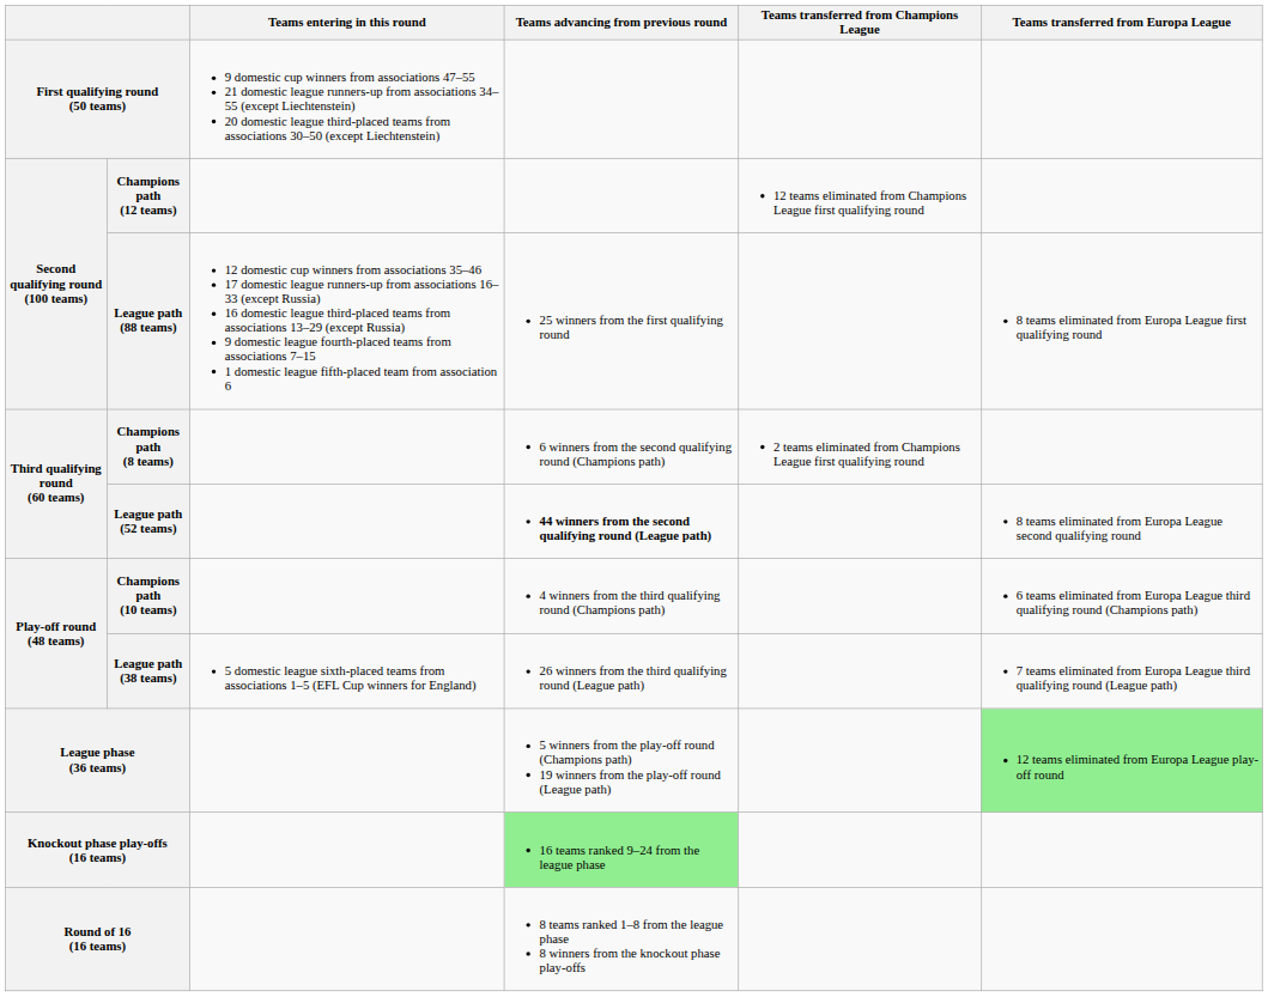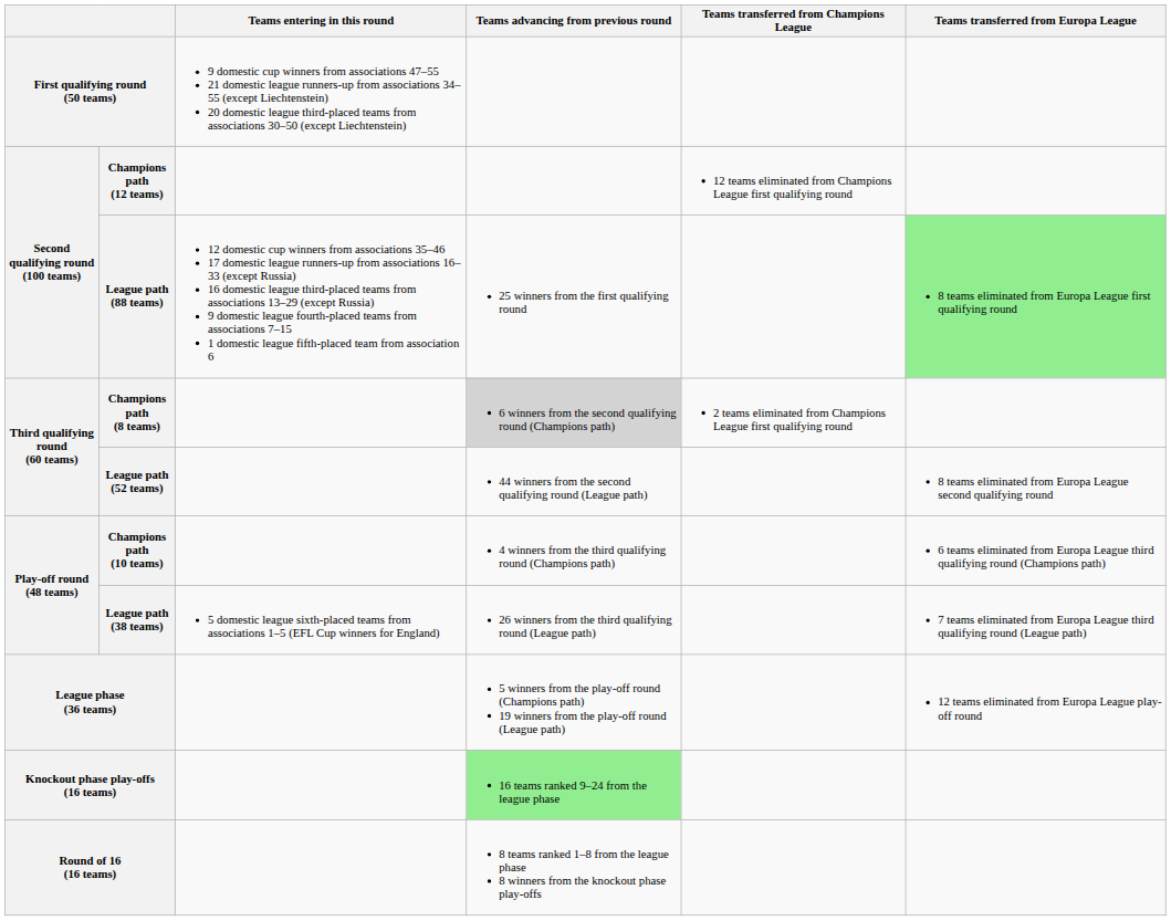 <table class="wikitable">
 <tr>
 <th colspan=2></th>
 <th>Teams entering in this round</th>
 <th>Teams advancing from previous round</th>
 <th>Teams transferred from Champions League</th>
 <th>Teams transferred from Europa League</th>
 </tr>
 <tr>
 <th colspan=2>First qualifying round<br> (50 teams)</th>
 <td><br><ul><li>9 domestic cup winners from associations 47–55</li><li>21 domestic league runners-up from associations 34–55 (except Liechtenstein)</li><li>20 domestic league third-placed teams from associations 30–50 (except Liechtenstein)</li></ul></td>
 <td></td>
 <td></td>
 <td></td>
 </tr>
 <tr>
 <th rowspan=2>Second qualifying round <br> (100 teams)</th>
 <th>Champions path<br>(12 teams)</th>
 <td></td>
 <td></td>
 <td><br><ul><li>12 teams eliminated from Champions League first qualifying round</li></ul></td>
 <td></td>
 </tr>
 <tr>
 <th>League path<br>(88 teams)</th>
 <td><br><ul><li>12 domestic cup winners from associations 35–46</li><li>17 domestic league runners-up from associations 16–33 (except Russia)</li><li>16 domestic league third-placed teams from associations 13–29 (except Russia)</li><li>9 domestic league fourth-placed teams from associations 7–15</li><li>1 domestic league fifth-placed team from association 6</li></ul></td>
 <td><br><ul><li>25 winners from the first qualifying round</li></ul></td>
 <td></td>
-<td><br><ul><li>8 teams eliminated from Europa League first qualifying round</li></ul></td>
+<td style="background: lightgreen;"><br><ul><li>8 teams eliminated from Europa League first qualifying round</li></ul></td>
 </tr>
 <tr>
 <th rowspan=2>Third qualifying round<br> (60 teams)</th>
 <th>Champions path<br>(8 teams)</th>
 <td></td>
-<td><br><ul><li>6 winners from the second qualifying round (Champions path)</li></ul></td>
+<td style="background: lightgrey;"><br><ul><li>6 winners from the second qualifying round (Champions path)</li></ul></td>
 <td><br><ul><li>2 teams eliminated from Champions League first qualifying round</li></ul></td>
 <td></td>
 </tr>
 <tr>
 <th>League path<br>(52 teams)</th>
 <td></td>
-<td><strong><br><ul><li>44 winners from the second qualifying round (League path)</li></ul></strong></td>
+<td><br><ul><li>44 winners from the second qualifying round (League path)</li></ul></td>
 <td></td>
 <td><br><ul><li>8 teams eliminated from Europa League second qualifying round</li></ul></td>
 </tr>
 <tr>
 <th rowspan=2>Play-off round<br> (48 teams)</th>
 <th>Champions path<br>(10 teams)</th>
 <td></td>
 <td><br><ul><li>4 winners from the third qualifying round (Champions path)</li></ul></td>
 <td></td>
 <td><br><ul><li>6 teams eliminated from Europa League third qualifying round (Champions path)</li></ul></td>
 </tr>
 <tr>
 <th>League path<br>(38 teams)</th>
 <td><br><ul><li>5 domestic league sixth-placed teams from associations 1–5 (EFL Cup winners for England)</li></ul></td>
 <td><br><ul><li>26 winners from the third qualifying round (League path)</li></ul></td>
 <td></td>
 <td><br><ul><li>7 teams eliminated from Europa League third qualifying round (League path)</li></ul></td>
 </tr>
 <tr>
 <th colspan=2>League phase<br> (36 teams)</th>
 <td></td>
 <td><br><ul><li>5 winners from the play-off round (Champions path)</li><li>19 winners from the play-off round (League path)</li></ul></td>
 <td></td>
-<td style="background: lightgreen;"><br><ul><li>12 teams eliminated from Europa League play-off round</li></ul></td>
+<td><br><ul><li>12 teams eliminated from Europa League play-off round</li></ul></td>
 </tr>
 <tr>
 <th colspan=2>Knockout phase play-offs<br>(16 teams)</th>
 <td></td>
 <td style="background: lightgreen;"><br><ul><li>16 teams ranked 9–24 from the league phase</li></ul></td>
 <td></td>
 <td></td>
 </tr>
 <tr>
 <th colspan=2>Round of 16<br>(16 teams)</th>
 <td></td>
 <td><br><ul><li>8 teams ranked 1–8 from the league phase</li><li>8 winners from the knockout phase play-offs</li></ul></td>
 <td></td>
 <td></td>
 </tr>
 </table>
